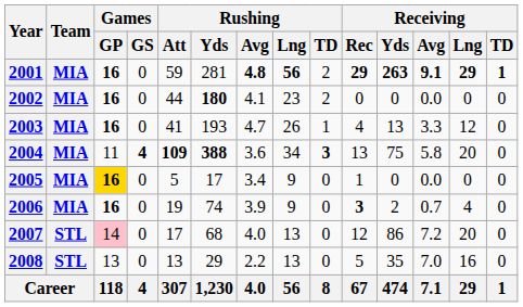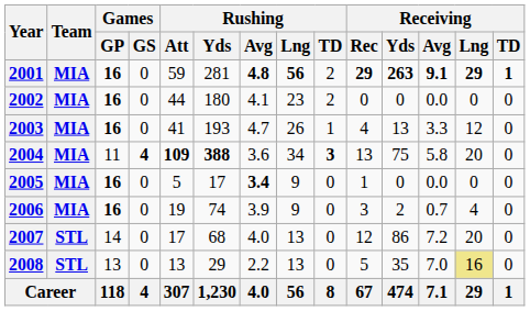 <table class="wikitable" style="text-align:center;">
 <tr>
 <th rowspan="2">Year</th>
 <th rowspan="2">Team</th>
 <th colspan="2">Games</th>
 <th colspan="5">Rushing</th>
 <th colspan="5">Receiving</th>
 </tr>
 <tr>
 <th>GP</th>
 <th>GS</th>
 <th>Att</th>
 <th>Yds</th>
 <th>Avg</th>
 <th>Lng</th>
 <th>TD</th>
 <th>Rec</th>
 <th>Yds</th>
 <th>Avg</th>
 <th>Lng</th>
 <th>TD</th>
 </tr>
 <tr>
 <th><a href='#'>2001</a></th>
 <th><a href='#'>MIA</a></th>
 <td><strong>16</strong></td>
 <td>0</td>
 <td>59</td>
 <td>281</td>
 <td><strong>4.8</strong></td>
 <td><strong>56</strong></td>
 <td>2</td>
 <td><strong>29</strong></td>
 <td><strong>263</strong></td>
 <td><strong>9.1</strong></td>
 <td><strong>29</strong></td>
 <td><strong>1</strong></td>
 </tr>
 <tr>
 <th><a href='#'>2002</a></th>
 <th><a href='#'>MIA</a></th>
 <td><strong>16</strong></td>
 <td>0</td>
 <td>44</td>
-<td><strong>180</strong></td>
+<td>180</td>
 <td>4.1</td>
 <td>23</td>
 <td>2</td>
 <td>0</td>
 <td>0</td>
 <td>0.0</td>
 <td>0</td>
 <td>0</td>
 </tr>
 <tr>
 <th><a href='#'>2003</a></th>
 <th><a href='#'>MIA</a></th>
 <td><strong>16</strong></td>
 <td>0</td>
 <td>41</td>
 <td>193</td>
 <td>4.7</td>
 <td>26</td>
 <td>1</td>
 <td>4</td>
 <td>13</td>
 <td>3.3</td>
 <td>12</td>
 <td>0</td>
 </tr>
 <tr>
 <th><a href='#'>2004</a></th>
 <th><a href='#'>MIA</a></th>
 <td>11</td>
 <td><strong>4</strong></td>
 <td><strong>109</strong></td>
 <td><strong>388</strong></td>
 <td>3.6</td>
 <td>34</td>
 <td><strong>3</strong></td>
 <td>13</td>
 <td>75</td>
 <td>5.8</td>
 <td>20</td>
 <td>0</td>
 </tr>
 <tr>
 <th><a href='#'>2005</a></th>
 <th><a href='#'>MIA</a></th>
-<td style="background: gold;"><strong>16</strong></td>
+<td><strong>16</strong></td>
 <td>0</td>
 <td>5</td>
 <td>17</td>
-<td>3.4</td>
+<td><strong>3.4</strong></td>
 <td>9</td>
 <td>0</td>
 <td>1</td>
 <td>0</td>
 <td>0.0</td>
 <td>0</td>
 <td>0</td>
 </tr>
 <tr>
 <th><a href='#'>2006</a></th>
 <th><a href='#'>MIA</a></th>
 <td><strong>16</strong></td>
 <td>0</td>
 <td>19</td>
 <td>74</td>
 <td>3.9</td>
 <td>9</td>
 <td>0</td>
-<td><strong>3</strong></td>
+<td>3</td>
 <td>2</td>
 <td>0.7</td>
 <td>4</td>
 <td>0</td>
 </tr>
 <tr>
 <th><a href='#'>2007</a></th>
 <th><a href='#'>STL</a></th>
-<td style="background: pink;">14</td>
+<td>14</td>
 <td>0</td>
 <td>17</td>
 <td>68</td>
 <td>4.0</td>
 <td>13</td>
 <td>0</td>
 <td>12</td>
 <td>86</td>
 <td>7.2</td>
 <td>20</td>
 <td>0</td>
 </tr>
 <tr>
 <th><a href='#'>2008</a></th>
 <th><a href='#'>STL</a></th>
 <td>13</td>
 <td>0</td>
 <td>13</td>
 <td>29</td>
 <td>2.2</td>
 <td>13</td>
 <td>0</td>
 <td>5</td>
 <td>35</td>
 <td>7.0</td>
-<td>16</td>
+<td style="background: khaki;">16</td>
 <td>0</td>
 </tr>
 <tr>
 <th colspan="2">Career</th>
 <th>118</th>
 <th>4</th>
 <th>307</th>
 <th>1,230</th>
 <th>4.0</th>
 <th>56</th>
 <th>8</th>
 <th>67</th>
 <th>474</th>
 <th>7.1</th>
 <th>29</th>
 <th>1</th>
 </tr>
 </table>
